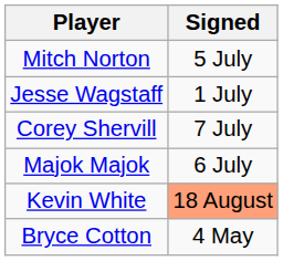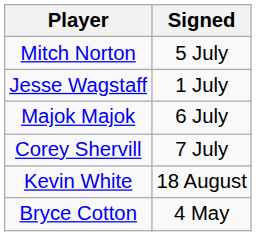 <table class="wikitable sortable sortable" style="text-align: center">
 <tr>
 <th>Player</th>
 <th>Signed</th>
 </tr>
 <tr>
 <td><a href='#'>Mitch Norton</a></td>
 <td>5 July</td>
 </tr>
 <tr>
 <td><a href='#'>Jesse Wagstaff</a></td>
 <td>1 July</td>
 </tr>
 <tr>
+<td><a href='#'>Majok Majok</a></td>
+<td>6 July</td>
+</tr>
+<tr>
 <td><a href='#'>Corey Shervill</a></td>
 <td>7 July</td>
 </tr>
 <tr>
-<td><a href='#'>Majok Majok</a></td>
-<td>6 July</td>
-</tr>
-<tr>
 <td><a href='#'>Kevin White</a></td>
-<td style="background: lightsalmon;">18 August</td>
+<td>18 August</td>
 </tr>
 <tr>
 <td><a href='#'>Bryce Cotton</a></td>
 <td>4 May</td>
 </tr>
 </table>
